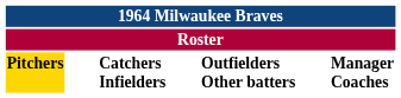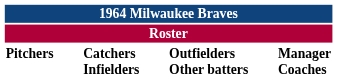 <table class="toccolours" style="font-size: 95%;">
 <tr>
 <th colspan="10" style="background-color: #0f437c; color: white; text-align: center;">1964 Milwaukee Braves</th>
 </tr>
 <tr>
 <td colspan="10" style="background-color: #af0039; color: white; text-align: center;"><strong>Roster</strong></td>
 </tr>
 <tr>
-<td valign="top" style="background: gold;"><strong>Pitchers</strong><br>                  </td>
+<td valign="top"><strong>Pitchers</strong><br>                  </td>
 <td width="25px"></td>
 <td valign="top"><strong>Catchers</strong><br>    <strong>Infielders</strong>           </td>
 <td width="25px"></td>
 <td valign="top"><strong>Outfielders</strong><br>       <strong>Other batters</strong> </td>
 <td width="25px"></td>
 <td valign="top"><strong>Manager</strong><br> <strong>Coaches</strong>    </td>
 </tr>
 </table>
